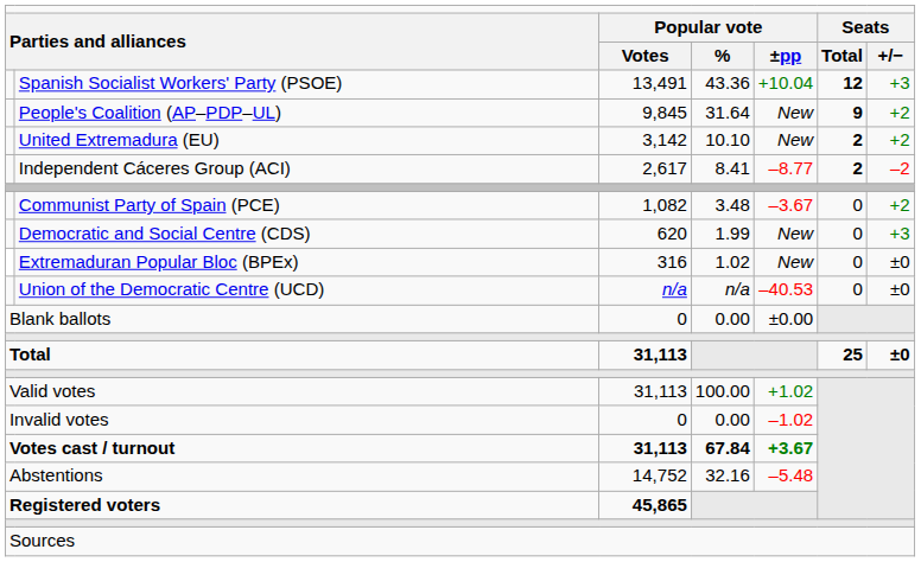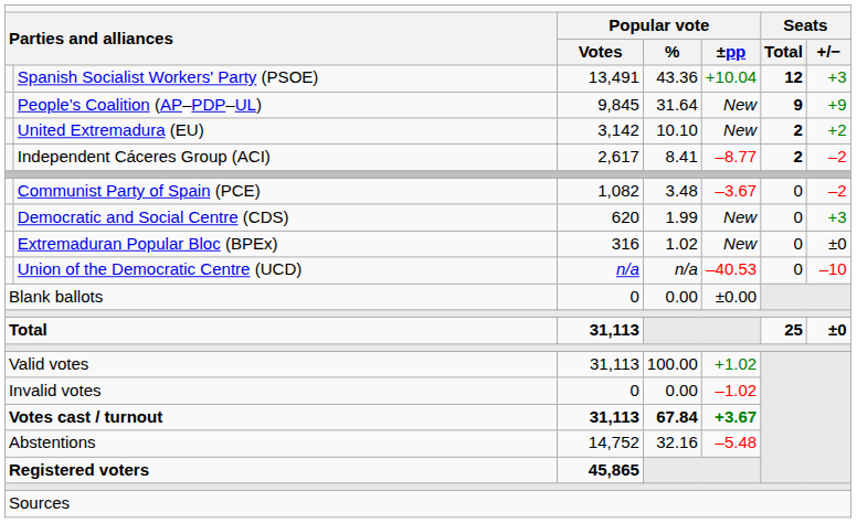 <table class="wikitable" style="text-align:right;">
 <tr>
 <td colspan="7"></td>
 </tr>
 <tr>
 <th style="text-align:left;" rowspan="2" colspan="2" width="525">Parties and alliances</th>
 <th colspan="3">Popular vote</th>
 <th colspan="2">Seats</th>
 </tr>
 <tr>
 <th width="75">Votes</th>
 <th width="45">%</th>
 <th width="45">±<a href='#'>pp</a></th>
 <th width="35">Total</th>
 <th width="35">+/−</th>
 </tr>
 <tr>
 <td width="1" style="color:inherit;background:"></td>
 <td align="left"><a href='#'>Spanish Socialist Workers' Party</a> (PSOE)</td>
 <td>13,491</td>
 <td>43.36</td>
 <td style="color:green;">+10.04</td>
 <td><strong>12</strong></td>
 <td style="color:green;">+3</td>
 </tr>
 <tr>
 <td style="color:inherit;background:"></td>
 <td align="left"><a href='#'>People's Coalition</a> (<a href='#'>AP</a>–<a href='#'>PDP</a>–<a href='#'>UL</a>)</td>
 <td>9,845</td>
 <td>31.64</td>
 <td><em>New</em></td>
 <td><strong>9</strong></td>
-<td style="color:green;">+2</td>
+<td style="color:green;">+9</td>
 </tr>
 <tr>
 <td style="color:inherit;background:"></td>
 <td align="left"><a href='#'>United Extremadura</a> (EU)</td>
 <td>3,142</td>
 <td>10.10</td>
 <td><em>New</em></td>
 <td><strong>2</strong></td>
 <td style="color:green;">+2</td>
 </tr>
 <tr>
 <td style="color:inherit;background:"></td>
 <td align="left">Independent Cáceres Group (ACI)</td>
 <td>2,617</td>
 <td>8.41</td>
 <td style="color:red;">–8.77</td>
 <td><strong>2</strong></td>
 <td style="color:red;">–2</td>
 </tr>
 <tr>
 <td colspan="7" bgcolor="#C0C0C0"></td>
 </tr>
 <tr>
 <td style="color:inherit;background:"></td>
 <td align="left"><a href='#'>Communist Party of Spain</a> (PCE)</td>
 <td>1,082</td>
 <td>3.48</td>
 <td style="color:red;">–3.67</td>
 <td>0</td>
-<td style="color:green;">+2</td>
+<td style="color:red;">–2</td>
 </tr>
 <tr>
 <td style="color:inherit;background:"></td>
 <td align="left"><a href='#'>Democratic and Social Centre</a> (CDS)</td>
 <td>620</td>
 <td>1.99</td>
 <td><em>New</em></td>
 <td>0</td>
 <td style="color:green;">+3</td>
 </tr>
 <tr>
 <td bgcolor="white"></td>
 <td align="left"><a href='#'>Extremaduran Popular Bloc</a> (BPEx)</td>
 <td>316</td>
 <td>1.02</td>
 <td><em>New</em></td>
 <td>0</td>
 <td>±0</td>
 </tr>
 <tr>
 <td style="color:inherit;background:"></td>
 <td align="left"><a href='#'>Union of the Democratic Centre</a> (UCD)</td>
 <td><em><a href='#'>n/a</a></em></td>
 <td><em>n/a</em></td>
 <td style="color:red;">–40.53</td>
 <td>0</td>
-<td>±0</td>
+<td style="color:red;">–10</td>
 </tr>
 <tr>
 <td align="left" colspan="2">Blank ballots</td>
 <td>0</td>
 <td>0.00</td>
 <td>±0.00</td>
 <td bgcolor="#E9E9E9" colspan="2"></td>
 </tr>
 <tr>
 <td colspan="7" bgcolor="#E9E9E9"></td>
 </tr>
 <tr style="font-weight:bold;">
 <td align="left" colspan="2">Total</td>
 <td>31,113</td>
 <td bgcolor="#E9E9E9" colspan="2"></td>
 <td>25</td>
 <td>±0</td>
 </tr>
 <tr>
 <td colspan="7" bgcolor="#E9E9E9"></td>
 </tr>
 <tr>
 <td align="left" colspan="2">Valid votes</td>
 <td>31,113</td>
 <td>100.00</td>
 <td style="color:green;">+1.02</td>
 <td bgcolor="#E9E9E9" colspan="2" rowspan="5"></td>
 </tr>
 <tr>
 <td align="left" colspan="2">Invalid votes</td>
 <td>0</td>
 <td>0.00</td>
 <td style="color:red;">–1.02</td>
 </tr>
 <tr style="font-weight:bold;">
 <td align="left" colspan="2">Votes cast / turnout</td>
 <td>31,113</td>
 <td>67.84</td>
 <td style="color:green;">+3.67</td>
 </tr>
 <tr>
 <td align="left" colspan="2">Abstentions</td>
 <td>14,752</td>
 <td>32.16</td>
 <td style="color:red;">–5.48</td>
 </tr>
 <tr style="font-weight:bold;">
 <td align="left" colspan="2">Registered voters</td>
 <td>45,865</td>
 <td bgcolor="#E9E9E9" colspan="2"></td>
 </tr>
 <tr>
 <td colspan="7" bgcolor="#E9E9E9"></td>
 </tr>
 <tr>
 <td align="left" colspan="7">Sources</td>
 </tr>
 </table>
